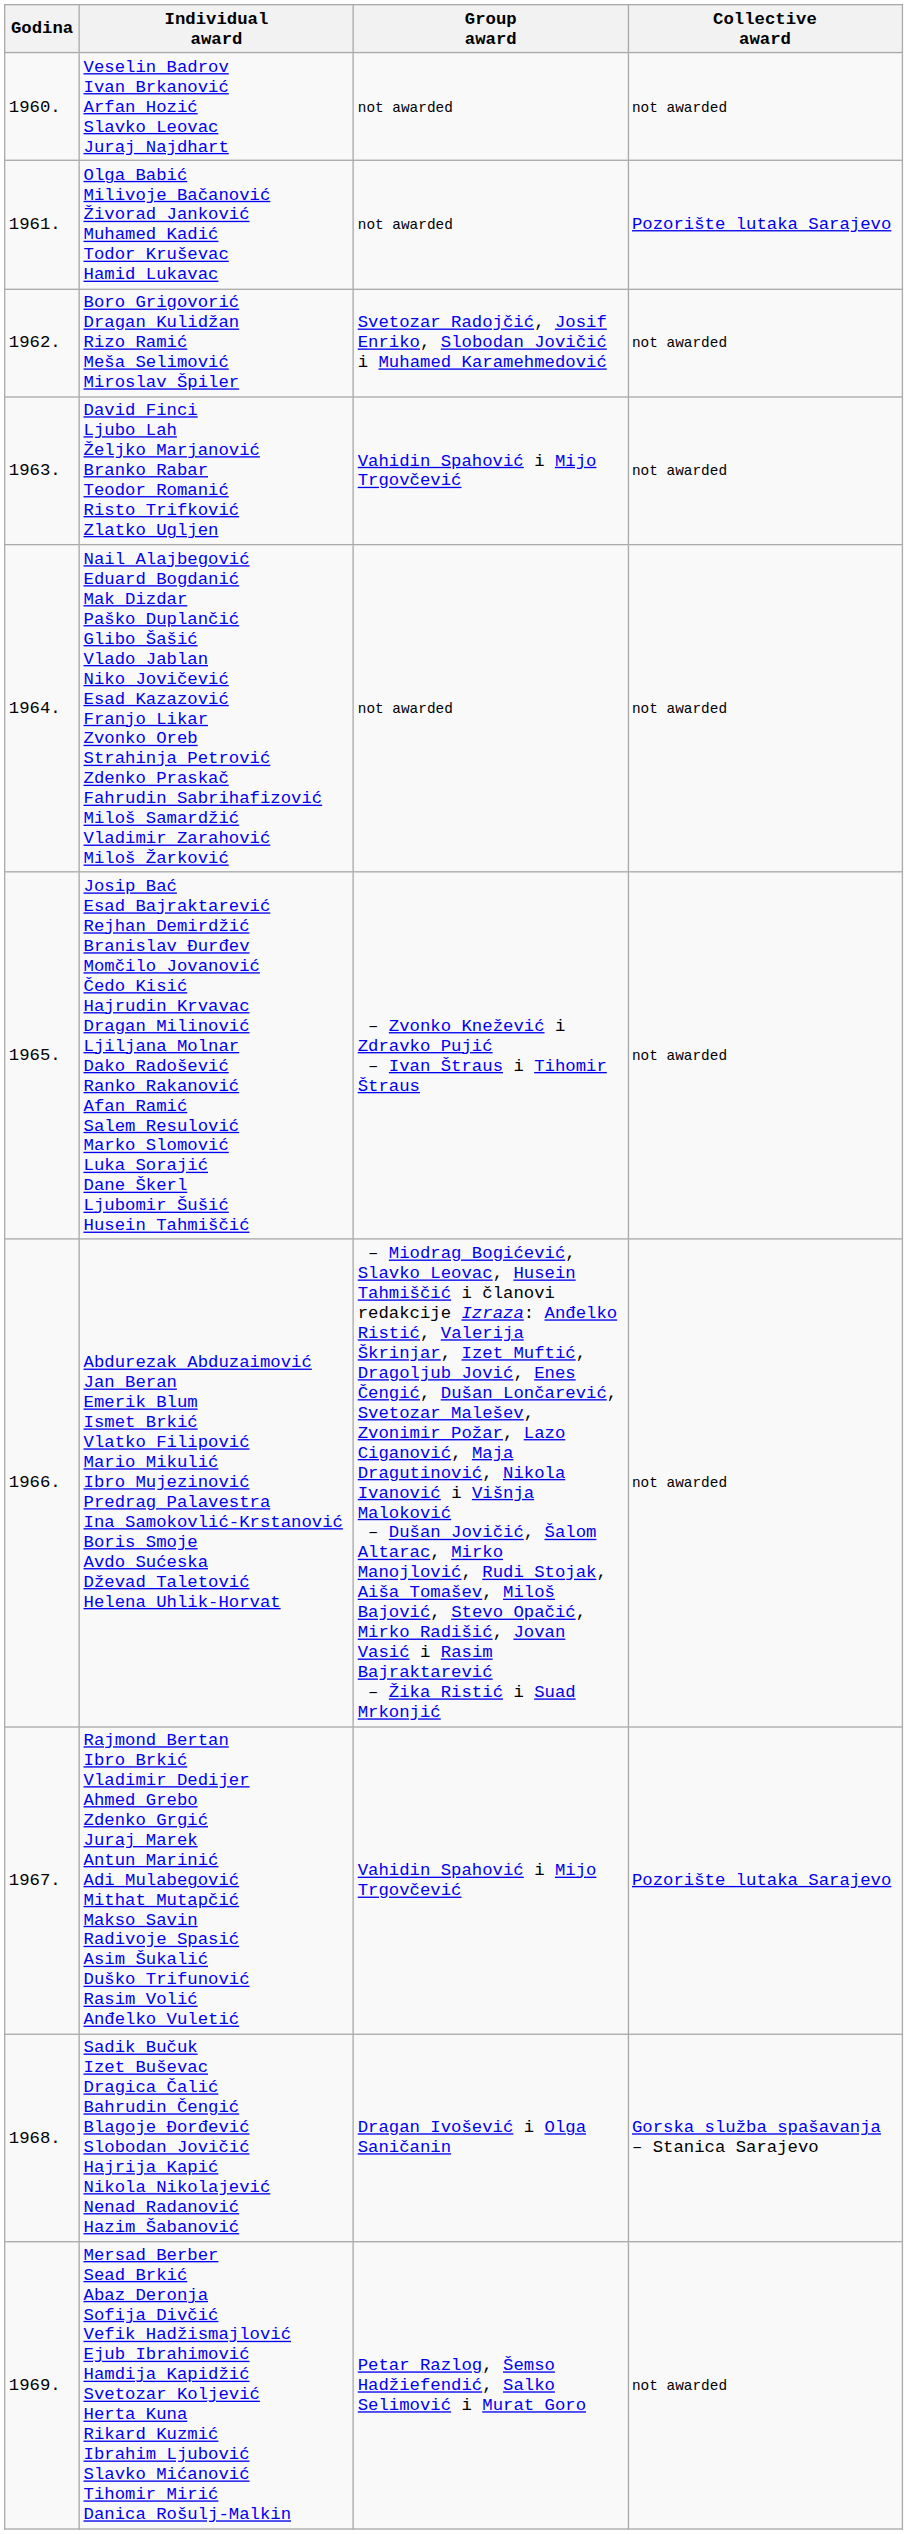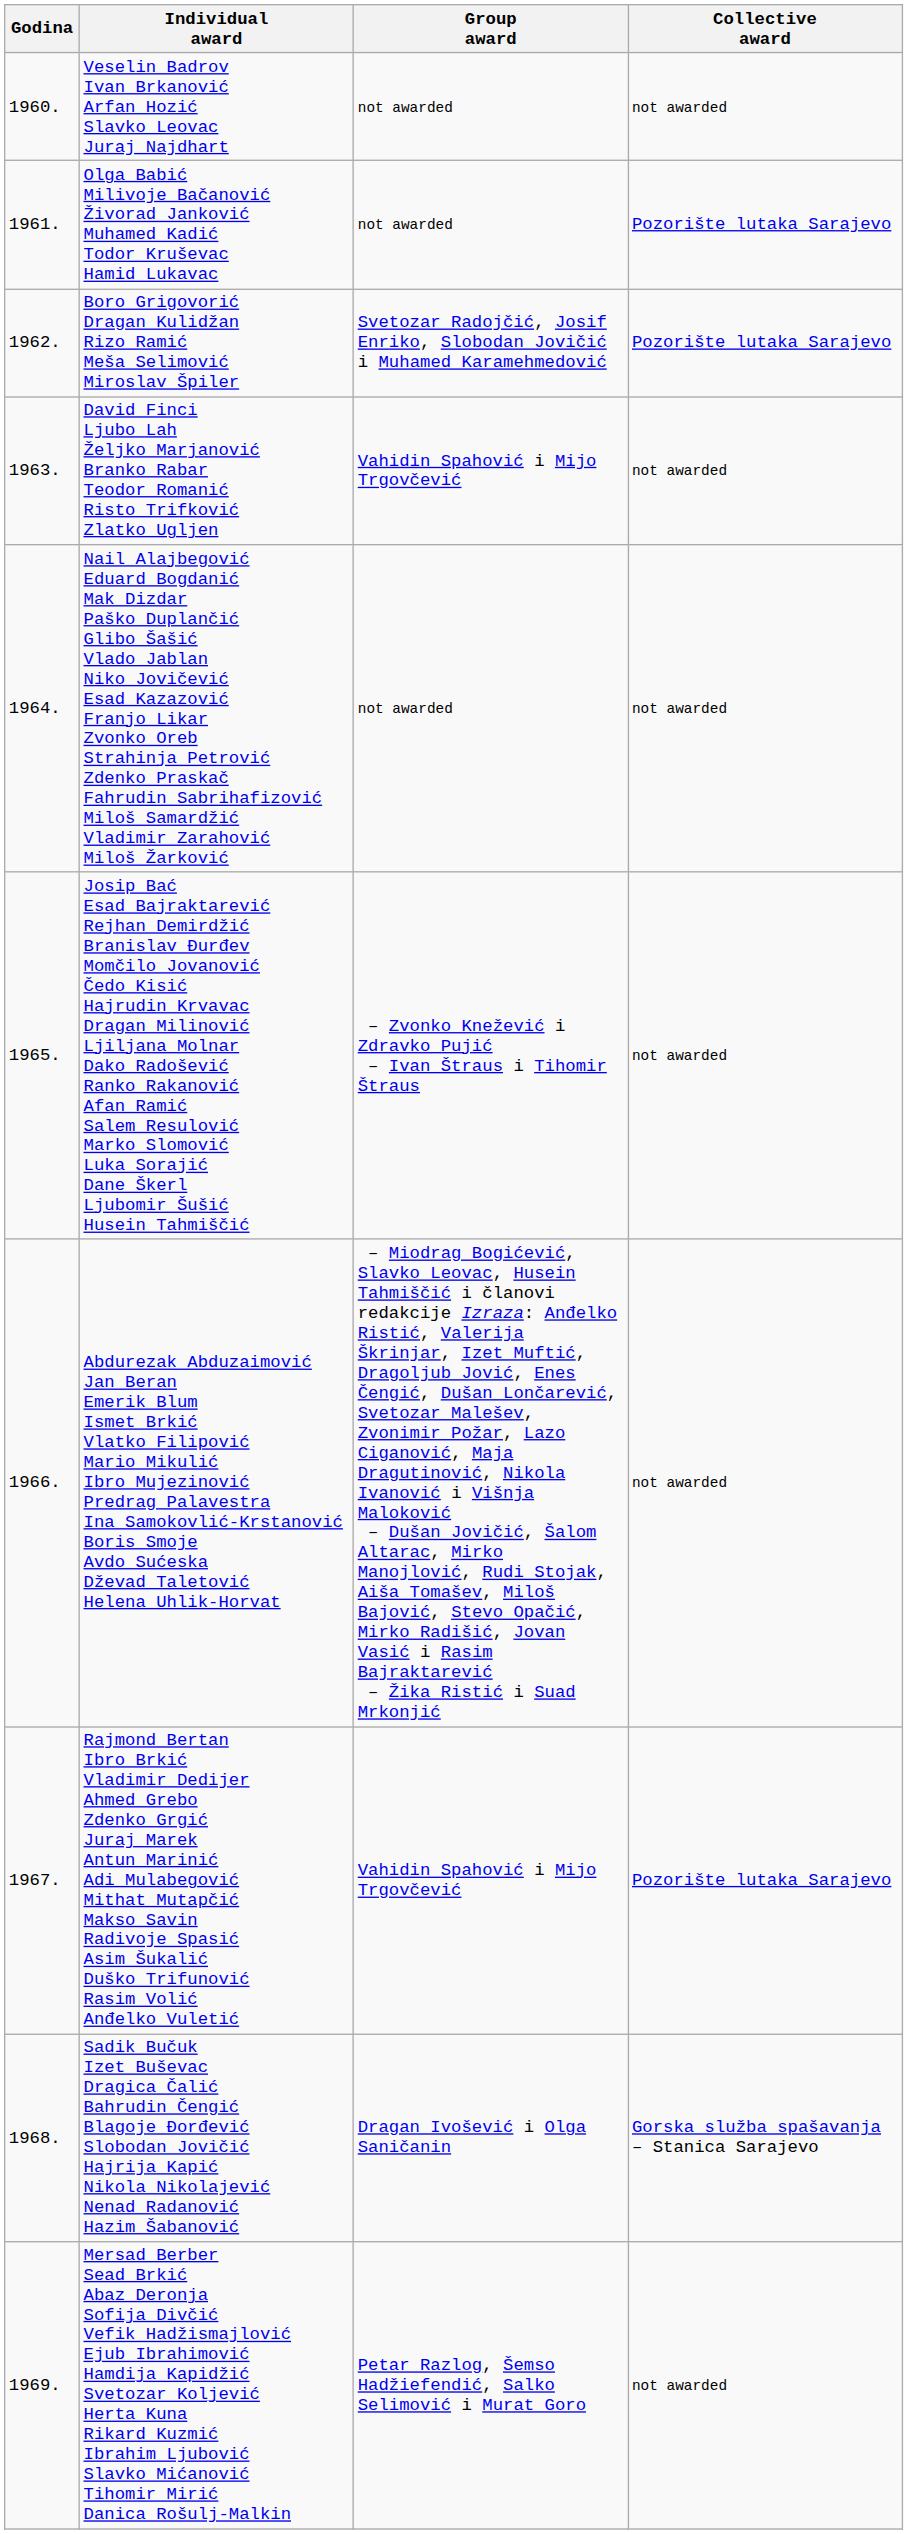 <table class="wikitable">
 <tr>
 <th width="50">Godina</th>
 <th width="200">Individual<br>award</th>
 <th width="200">Group<br>award</th>
 <th width="200">Collective<br>award</th>
 </tr>
 <tr>
 <td>1960.</td>
 <td><a href='#'>Veselin Badrov</a><br><a href='#'>Ivan Brkanović</a><br><a href='#'>Arfan Hozić</a><br><a href='#'>Slavko Leovac</a><br><a href='#'>Juraj Najdhart</a></td>
 <td><small> not awarded </small></td>
 <td><small> not awarded </small></td>
 </tr>
 <tr>
 <td>1961.</td>
 <td><a href='#'>Olga Babić</a><br><a href='#'>Milivoje Bačanović</a><br><a href='#'>Živorad Janković</a><br><a href='#'>Muhamed Kadić</a><br><a href='#'>Todor Kruševac</a><br><a href='#'>Hamid Lukavac</a></td>
 <td><small> not awarded </small></td>
 <td><a href='#'>Pozorište lutaka Sarajevo</a></td>
 </tr>
 <tr>
 <td>1962.</td>
 <td><a href='#'>Boro Grigovorić</a><br><a href='#'>Dragan Kulidžan</a><br><a href='#'>Rizo Ramić</a><br><a href='#'>Meša Selimović</a><br><a href='#'>Miroslav Špiler</a></td>
 <td><a href='#'>Svetozar Radojčić</a>, <a href='#'>Josif Enriko</a>, <a href='#'>Slobodan Jovičić</a> i <a href='#'>Muhamed Karamehmedović</a></td>
-<td><small> not awarded </small></td>
+<td><a href='#'>Pozorište lutaka Sarajevo</a></td>
 </tr>
 <tr>
 <td>1963.</td>
 <td><a href='#'>David Finci</a><br><a href='#'>Ljubo Lah</a><br><a href='#'>Željko Marjanović</a><br><a href='#'>Branko Rabar</a><br><a href='#'>Teodor Romanić</a><br><a href='#'>Risto Trifković</a><br><a href='#'>Zlatko Ugljen</a></td>
 <td><a href='#'>Vahidin Spahović</a> i <a href='#'>Mijo Trgovčević</a></td>
 <td><small> not awarded </small></td>
 </tr>
 <tr>
 <td>1964.</td>
 <td><a href='#'>Nail Alajbegović</a><br><a href='#'>Eduard Bogdanić</a><br><a href='#'>Mak Dizdar</a><br><a href='#'>Paško Duplančić</a><br><a href='#'>Glibo Šašić</a><br><a href='#'>Vlado Jablan</a><br><a href='#'>Niko Jovičević</a><br><a href='#'>Esad Kazazović</a><br><a href='#'>Franjo Likar</a><br><a href='#'>Zvonko Oreb</a><br><a href='#'>Strahinja Petrović</a><br><a href='#'>Zdenko Praskač</a><br><a href='#'>Fahrudin Sabrihafizović</a><br><a href='#'>Miloš Samardžić</a><br> <a href='#'>Vladimir Zarahović</a><br><a href='#'>Miloš Žarković</a></td>
 <td><small> not awarded </small></td>
 <td><small> not awarded </small></td>
 </tr>
 <tr>
 <td>1965.</td>
 <td><a href='#'>Josip Bać</a><br><a href='#'>Esad Bajraktarević</a><br><a href='#'>Rejhan Demirdžić</a><br><a href='#'>Branislav Đurđev</a><br><a href='#'>Momčilo Jovanović</a><br><a href='#'>Čedo Kisić</a><br><a href='#'>Hajrudin Krvavac</a><br><a href='#'>Dragan Milinović</a><br><a href='#'>Ljiljana Molnar</a><br><a href='#'>Dako Radošević</a><br><a href='#'>Ranko Rakanović</a><br><a href='#'>Afan Ramić</a><br><a href='#'>Salem Resulović</a><br><a href='#'>Marko Slomović</a><br><a href='#'>Luka Sorajić</a><br><a href='#'>Dane Škerl</a><br><a href='#'>Ljubomir Šušić</a><br><a href='#'>Husein Tahmiščić</a></td>
 <td> – <a href='#'>Zvonko Knežević</a> i <a href='#'>Zdravko Pujić</a><br> – <a href='#'>Ivan Štraus</a> i <a href='#'>Tihomir Štraus</a></td>
 <td><small> not awarded </small></td>
 </tr>
 <tr>
 <td>1966.</td>
 <td><a href='#'>Abdurezak Abduzaimović</a><br><a href='#'>Jan Beran</a><br><a href='#'>Emerik Blum</a><br><a href='#'>Ismet Brkić</a><br><a href='#'>Vlatko Filipović</a><br><a href='#'>Mario Mikulić</a><br><a href='#'>Ibro Mujezinović</a><br><a href='#'>Predrag Palavestra</a><br><a href='#'>Ina Samokovlić-Krstanović</a><br><a href='#'>Boris Smoje</a><br><a href='#'>Avdo Sućeska</a><br><a href='#'>Dževad Taletović</a><br><a href='#'>Helena Uhlik-Horvat</a></td>
 <td> – <a href='#'>Miodrag Bogićević</a>, <a href='#'>Slavko Leovac</a>, <a href='#'>Husein Tahmiščić</a> i članovi redakcije <em><a href='#'>Izraza</a></em>: <a href='#'>Anđelko Ristić</a>, <a href='#'>Valerija Škrinjar</a>, <a href='#'>Izet Muftić</a>, <a href='#'>Dragoljub Jović</a>, <a href='#'>Enes Čengić</a>, <a href='#'>Dušan Lončarević</a>, <a href='#'>Svetozar Malešev</a>, <a href='#'>Zvonimir Požar</a>, <a href='#'>Lazo Ciganović</a>, <a href='#'>Maja Dragutinović</a>, <a href='#'>Nikola Ivanović</a> i <a href='#'>Višnja Maloković</a><br> – <a href='#'>Dušan Jovičić</a>, <a href='#'>Šalom Altarac</a>, <a href='#'>Mirko Manojlović</a>, <a href='#'>Rudi Stojak</a>, <a href='#'>Aiša Tomašev</a>, <a href='#'>Miloš Bajović</a>, <a href='#'>Stevo Opačić</a>, <a href='#'>Mirko Radišić</a>, <a href='#'>Jovan Vasić</a> i <a href='#'>Rasim Bajraktarević</a> <br> – <a href='#'>Žika Ristić</a> i <a href='#'>Suad Mrkonjić</a></td>
 <td><small> not awarded </small></td>
 </tr>
 <tr>
 <td>1967.</td>
 <td><a href='#'>Rajmond Bertan</a><br><a href='#'>Ibro Brkić</a><br><a href='#'>Vladimir Dedijer</a><br><a href='#'>Ahmed Grebo</a><br><a href='#'>Zdenko Grgić</a><br><a href='#'>Juraj Marek</a><br><a href='#'>Antun Marinić</a><br><a href='#'>Adi Mulabegović</a><br><a href='#'>Mithat Mutapčić</a><br><a href='#'>Makso Savin</a><br><a href='#'>Radivoje Spasić</a><br><a href='#'>Asim Šukalić</a><br><a href='#'>Duško Trifunović</a><br><a href='#'>Rasim Volić</a><br><a href='#'>Anđelko Vuletić</a></td>
 <td><a href='#'>Vahidin Spahović</a> i <a href='#'>Mijo Trgovčević</a></td>
 <td><a href='#'>Pozorište lutaka Sarajevo</a></td>
 </tr>
 <tr>
 <td>1968.</td>
 <td><a href='#'>Sadik Bučuk</a><br><a href='#'>Izet Buševac</a><br><a href='#'>Dragica Čalić</a><br><a href='#'>Bahrudin Čengić</a><br><a href='#'>Blagoje Đorđević</a><br><a href='#'>Slobodan Jovičić</a><br><a href='#'>Hajrija Kapić</a><br><a href='#'>Nikola Nikolajević</a><br><a href='#'>Nenad Radanović</a><br><a href='#'>Hazim Šabanović</a></td>
 <td><a href='#'>Dragan Ivošević</a> i <a href='#'>Olga Saničanin</a></td>
 <td><a href='#'>Gorska služba spašavanja</a> – Stanica Sarajevo</td>
 </tr>
 <tr>
 <td>1969.</td>
 <td><a href='#'>Mersad Berber</a><br><a href='#'>Sead Brkić</a><br><a href='#'>Abaz Deronja</a><br><a href='#'>Sofija Divčić</a><br><a href='#'>Vefik Hadžismajlović</a><br><a href='#'>Ejub Ibrahimović</a><br><a href='#'>Hamdija Kapidžić</a><br><a href='#'>Svetozar Koljević</a><br><a href='#'>Herta Kuna</a><br><a href='#'>Rikard Kuzmić</a><br><a href='#'>Ibrahim Ljubović</a><br><a href='#'>Slavko Mićanović</a><br><a href='#'>Tihomir Mirić</a><br><a href='#'>Danica Rošulj-Malkin</a></td>
 <td><a href='#'>Petar Razlog</a>, <a href='#'>Šemso Hadžiefendić</a>, <a href='#'>Salko Selimović</a> i <a href='#'>Murat Goro</a></td>
 <td><small> not awarded </small></td>
 </tr>
 </table>
